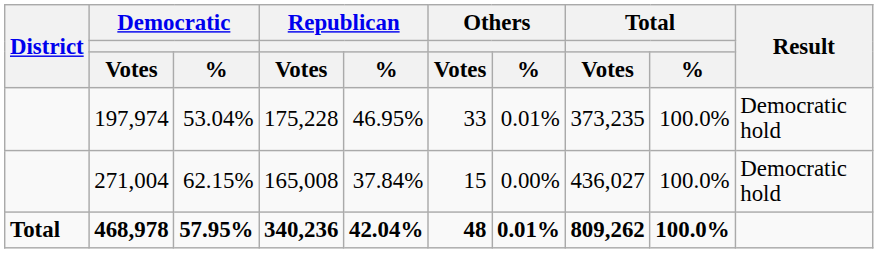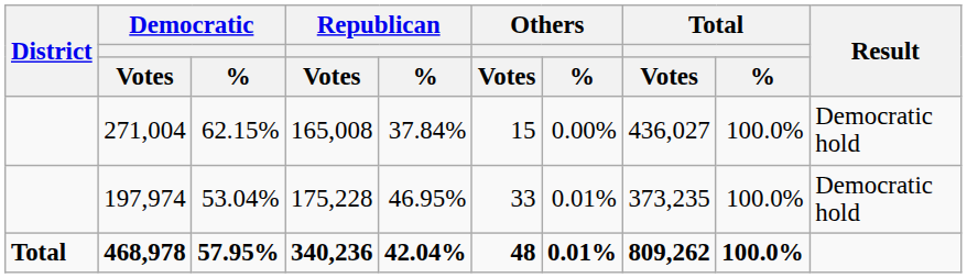 <table class="wikitable plainrowheaders sortable" style="font-size:100%; text-align:right;">
 <tr>
 <th scope=col rowspan=3><a href='#'>District</a></th>
 <th scope=col colspan=2><a href='#'>Democratic</a></th>
 <th scope=col colspan=2><a href='#'>Republican</a></th>
 <th scope=col colspan=2>Others</th>
 <th scope=col colspan=2>Total</th>
 <th scope=col rowspan=3>Result</th>
 </tr>
 <tr>
 <th scope=col colspan=2 style="background:"></th>
 <th scope=col colspan=2 style="background:"></th>
 <th scope=col colspan=2></th>
 <th scope=col colspan=2></th>
 </tr>
 <tr>
 <th scope=col data-sort-type="number">Votes</th>
 <th scope=col data-sort-type="number">%</th>
 <th scope=col data-sort-type="number">Votes</th>
 <th scope=col data-sort-type="number">%</th>
 <th scope=col data-sort-type="number">Votes</th>
 <th scope=col data-sort-type="number">%</th>
 <th scope=col data-sort-type="number">Votes</th>
 <th scope=col data-sort-type="number">%</th>
 </tr>
 <tr>
 <td align=left></td>
+<td>271,004</td>
+<td>62.15%</td>
+<td>165,008</td>
+<td>37.84%</td>
+<td>15</td>
+<td>0.00%</td>
+<td>436,027</td>
+<td>100.0%</td>
+<td align=left>Democratic hold</td>
+</tr>
+<tr>
+<td align=left></td>
 <td>197,974</td>
 <td>53.04%</td>
 <td>175,228</td>
 <td>46.95%</td>
 <td>33</td>
 <td>0.01%</td>
 <td>373,235</td>
-<td>100.0%</td>
-<td align=left>Democratic hold</td>
-</tr>
-<tr>
-<td align=left></td>
-<td>271,004</td>
-<td>62.15%</td>
-<td>165,008</td>
-<td>37.84%</td>
-<td>15</td>
-<td>0.00%</td>
-<td>436,027</td>
 <td>100.0%</td>
 <td align=left>Democratic hold</td>
 </tr>
 <tr class="sortbottom" style="font-weight:bold">
 <td align=left>Total</td>
 <td>468,978</td>
 <td>57.95%</td>
 <td>340,236</td>
 <td>42.04%</td>
 <td>48</td>
 <td>0.01%</td>
 <td>809,262</td>
 <td>100.0%</td>
 <td></td>
 </tr>
 </table>
